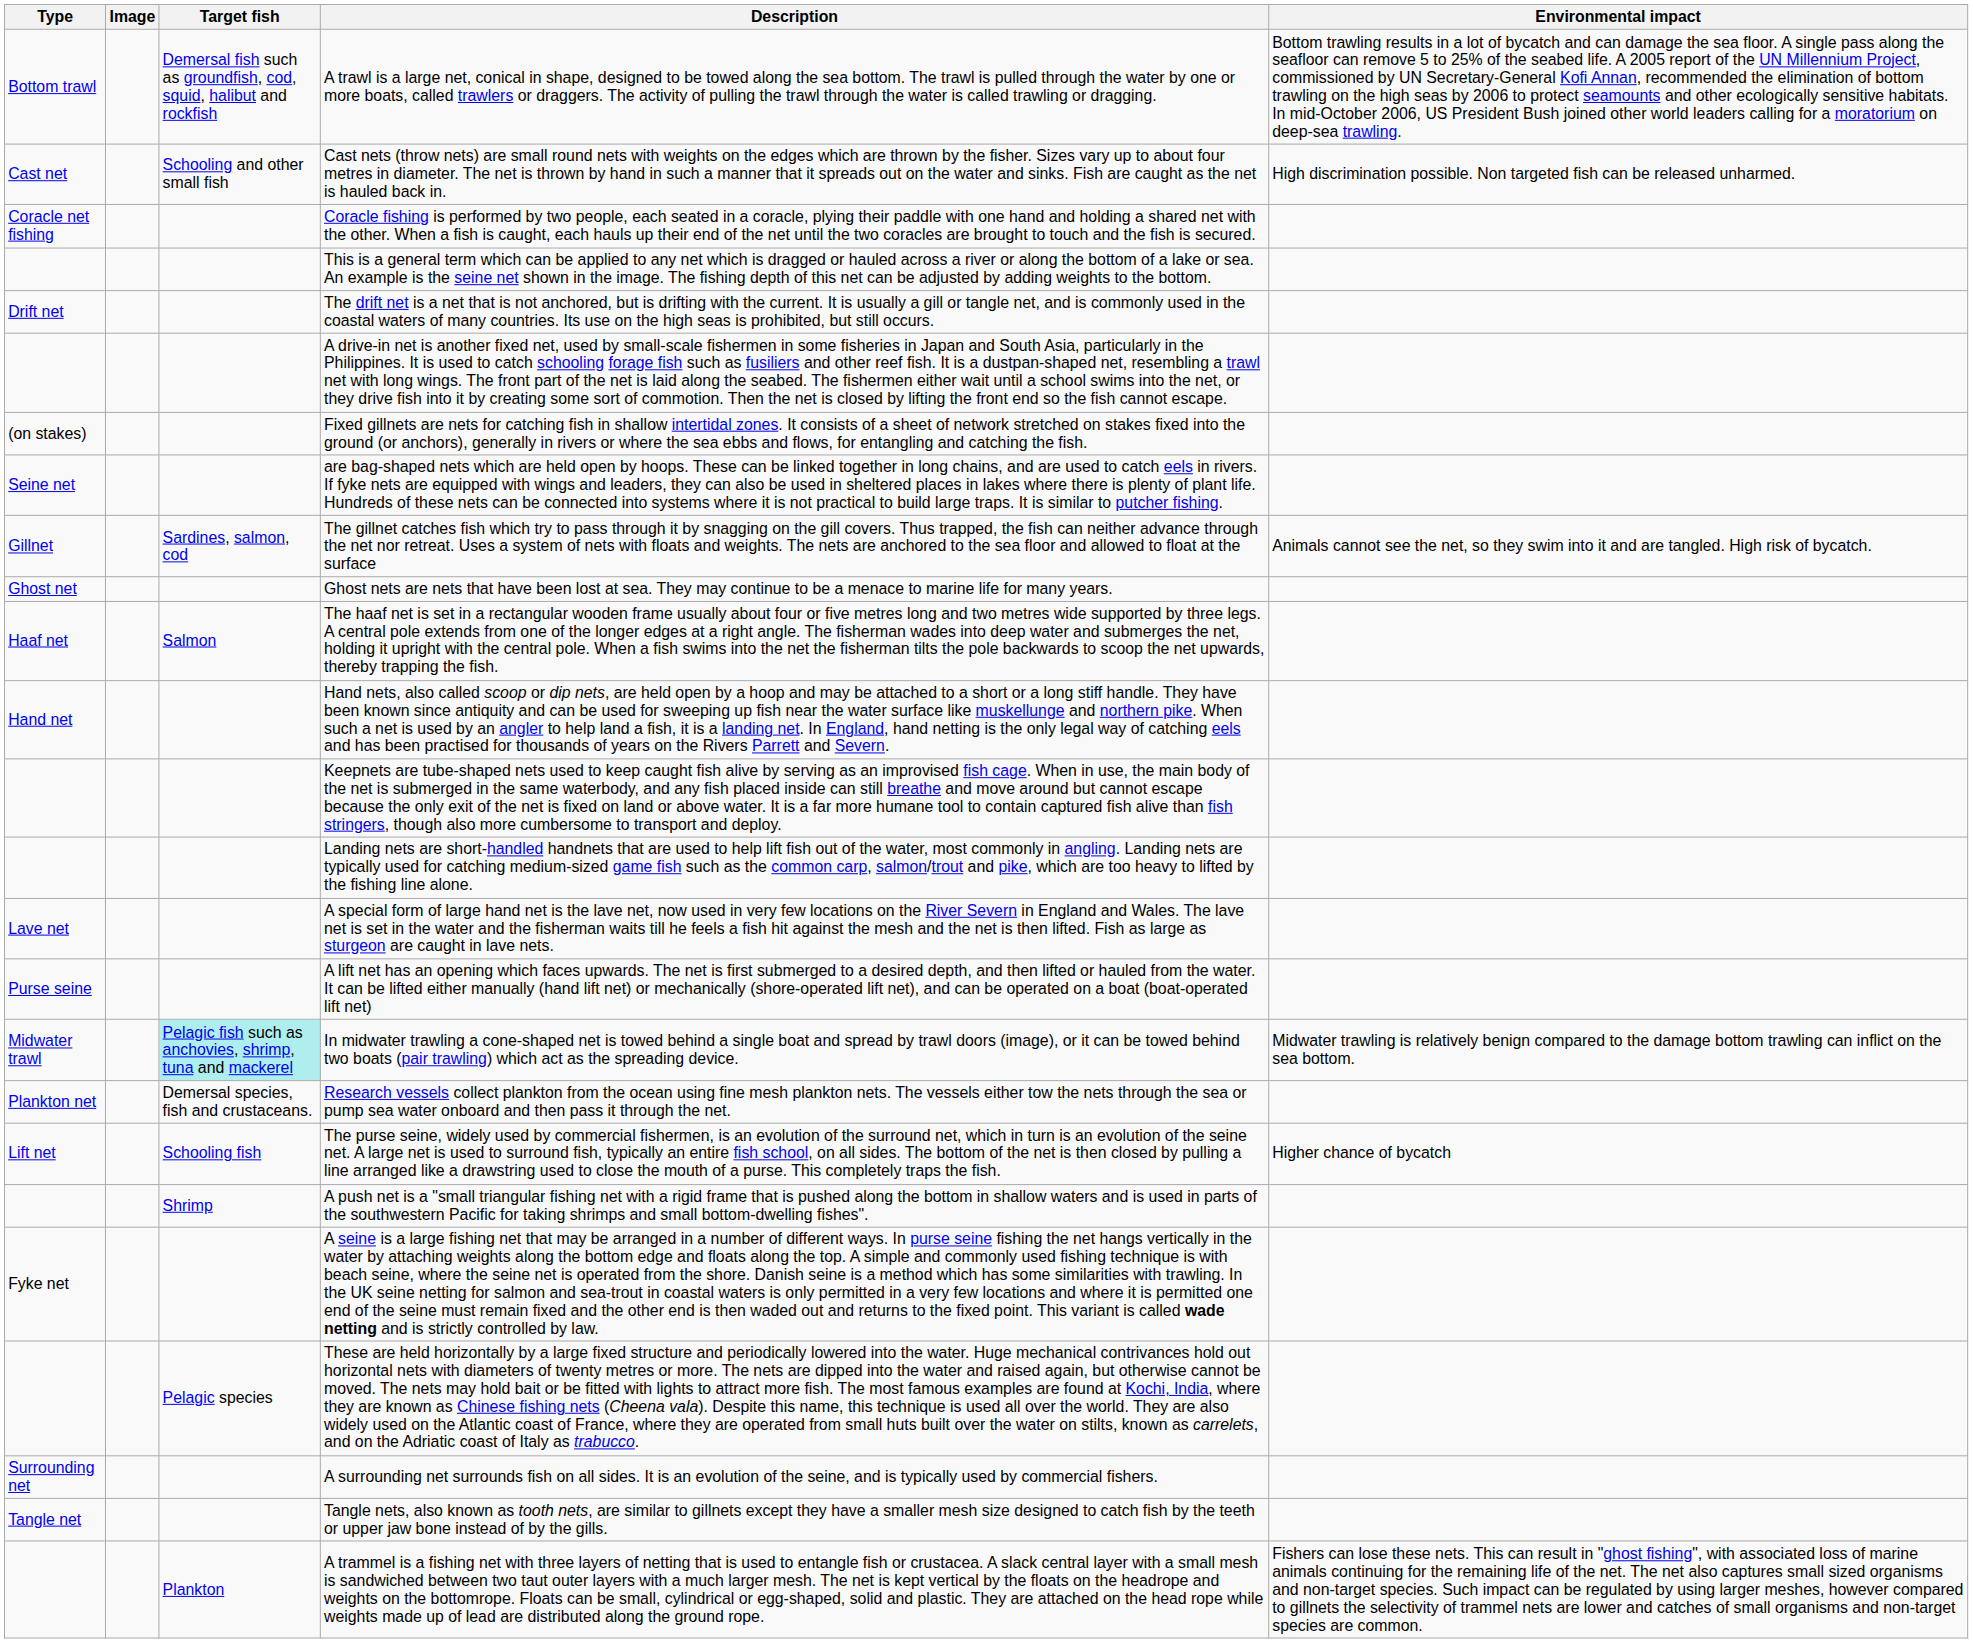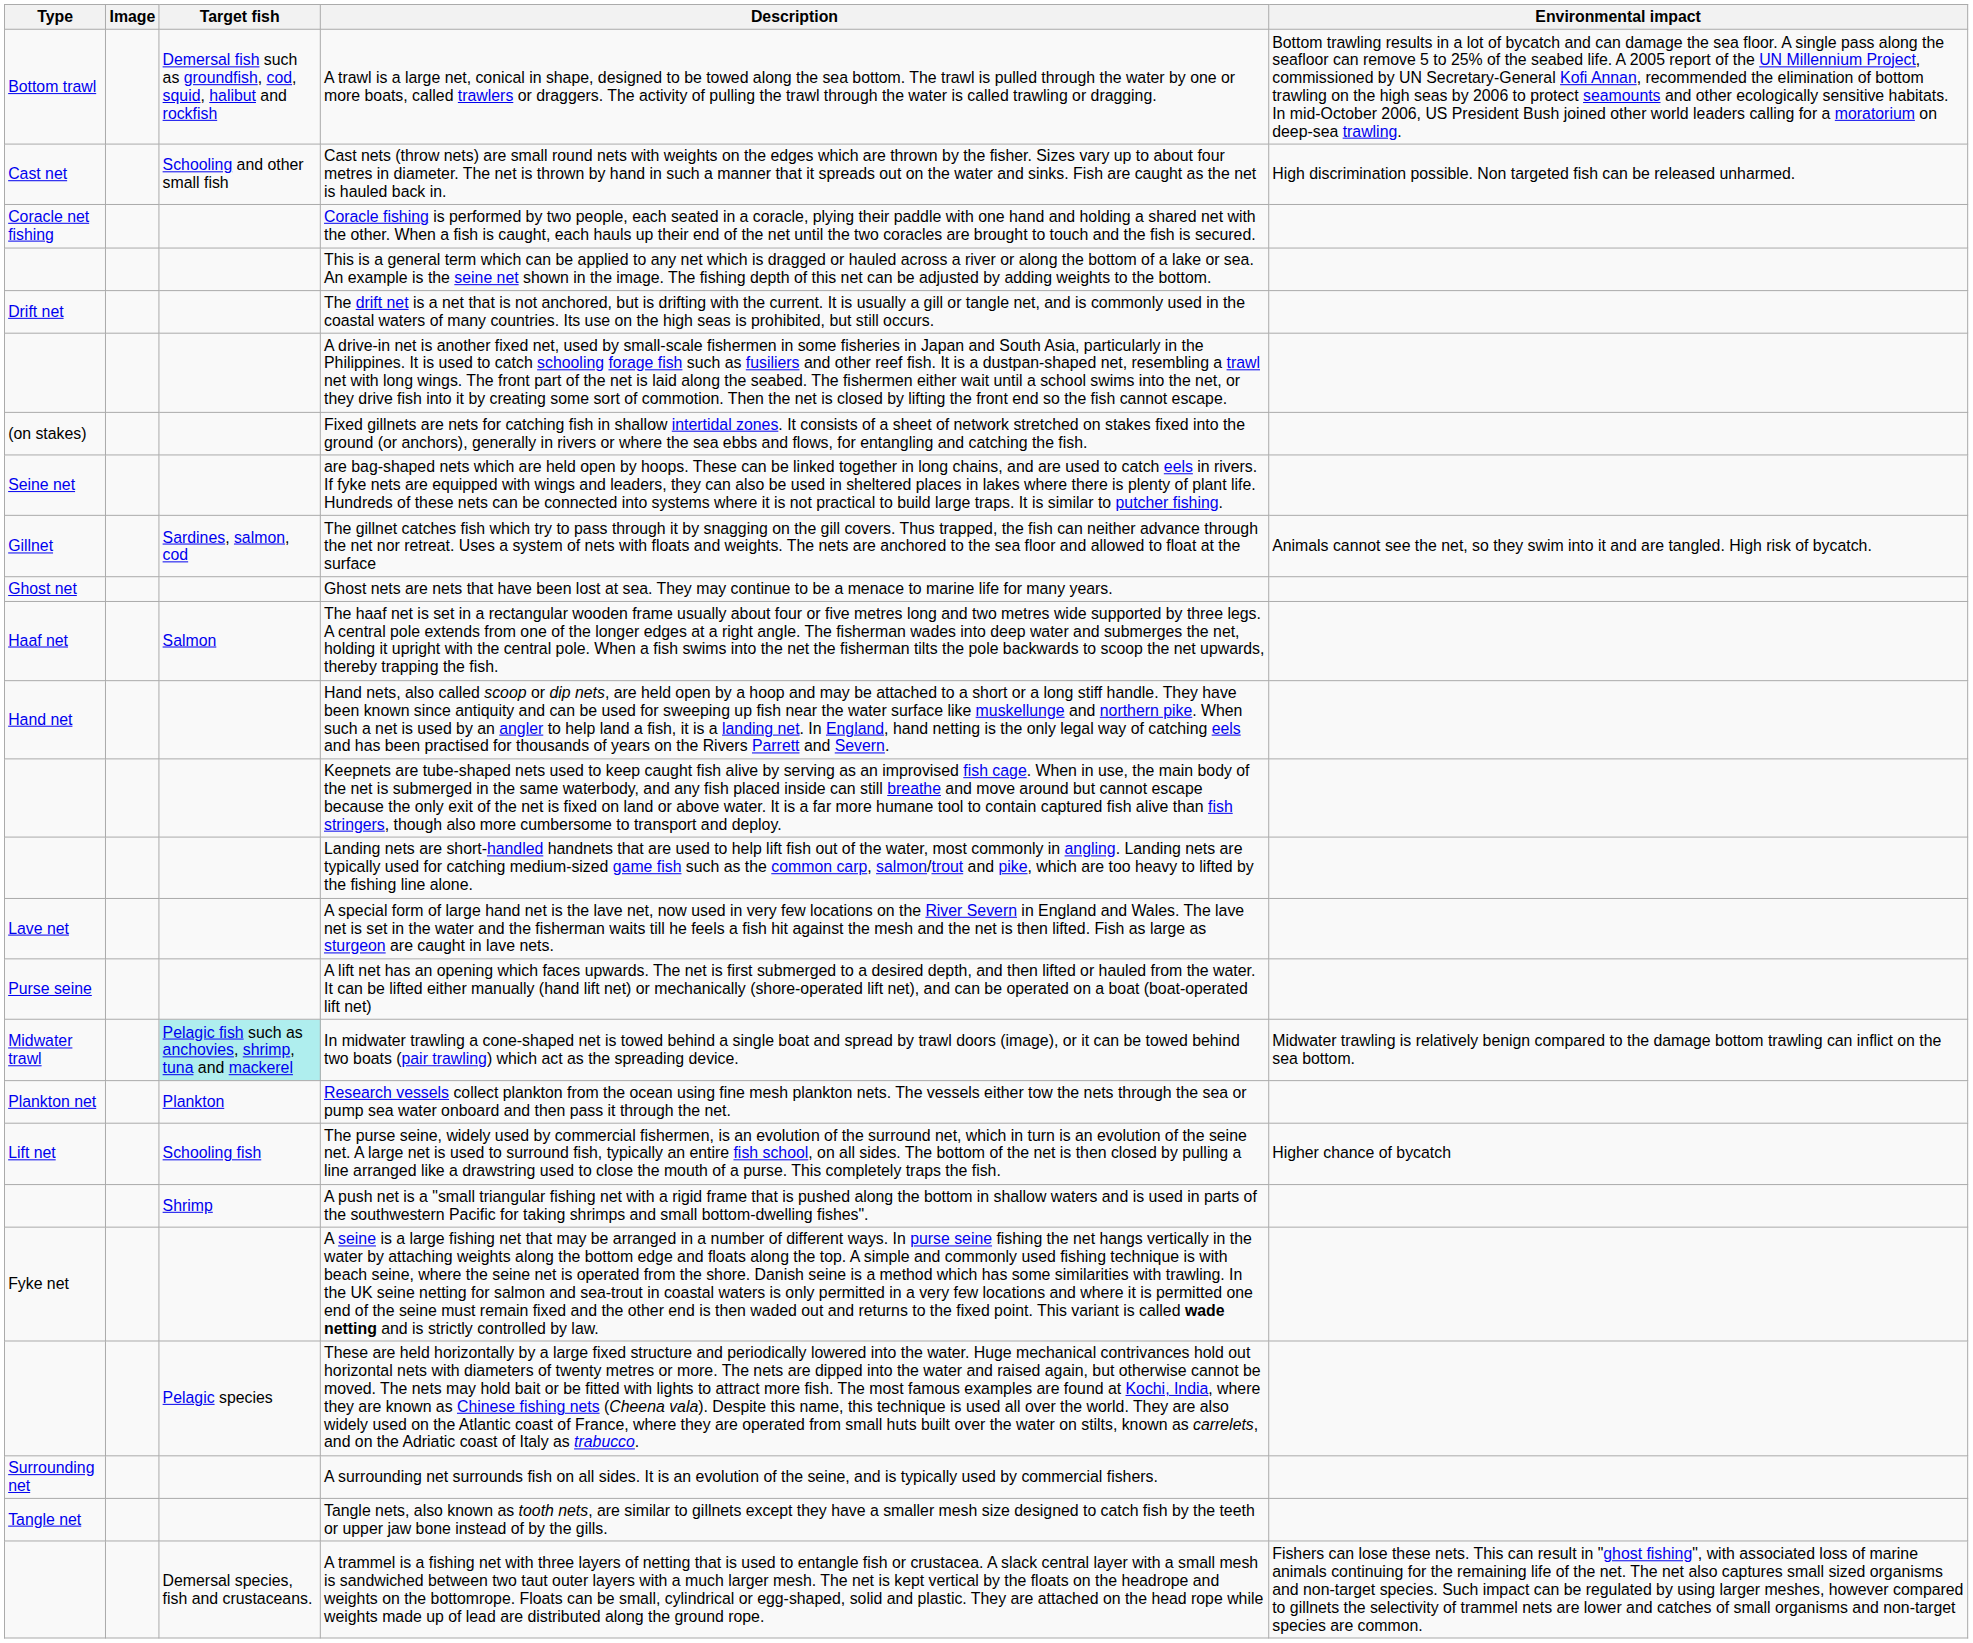 <table class="wikitable sortable" style="width:100%;">
 <tr>
 <th>Type</th>
 <th class="unsortable">Image</th>
 <th>Target fish</th>
 <th>Description</th>
 <th>Environmental impact</th>
 </tr>
 <tr>
 <td><a href='#'>Bottom trawl</a></td>
 <td></td>
 <td><a href='#'>Demersal fish</a> such as <a href='#'>groundfish</a>, <a href='#'>cod</a>, <a href='#'>squid</a>, <a href='#'>halibut</a> and <a href='#'>rockfish</a></td>
 <td>A trawl is a large net, conical in shape, designed to be towed along the sea bottom. The trawl is pulled through the water by one or more boats, called <a href='#'>trawlers</a> or draggers. The activity of pulling the trawl through the water is called trawling or dragging.</td>
 <td>Bottom trawling results in a lot of bycatch and can damage the sea floor. A single pass along the seafloor can remove 5 to 25% of the seabed life. A 2005 report of the <a href='#'>UN Millennium Project</a>, commissioned by UN Secretary-General <a href='#'>Kofi Annan</a>, recommended the elimination of bottom trawling on the high seas by 2006 to protect <a href='#'>seamounts</a> and other ecologically sensitive habitats. In mid-October 2006, US President Bush joined other world leaders calling for a <a href='#'>moratorium</a> on deep-sea <a href='#'>trawling</a>.</td>
 </tr>
 <tr>
 <td><a href='#'>Cast net</a></td>
 <td></td>
 <td><a href='#'>Schooling</a> and other small fish</td>
 <td>Cast nets (throw nets) are small round nets with weights on the edges which are thrown by the fisher. Sizes vary up to about four metres in diameter. The net is thrown by hand in such a manner that it spreads out on the water and sinks. Fish are caught as the net is hauled back in.</td>
 <td>High discrimination possible. Non targeted fish can be released unharmed.</td>
 </tr>
 <tr>
 <td><a href='#'>Coracle net fishing</a></td>
 <td></td>
 <td></td>
 <td><a href='#'>Coracle fishing</a> is performed by two people, each seated in a coracle, plying their paddle with one hand and holding a shared net with the other. When a fish is caught, each hauls up their end of the net until the two coracles are brought to touch and the fish is secured.</td>
 <td></td>
 </tr>
 <tr>
 <td></td>
 <td></td>
 <td></td>
 <td>This is a general term which can be applied to any net which is dragged or hauled across a river or along the bottom of a lake or sea. An example is the <a href='#'>seine net</a> shown in the image. The fishing depth of this net can be adjusted by adding weights to the bottom.</td>
 <td></td>
 </tr>
 <tr>
 <td><a href='#'>Drift net</a></td>
 <td></td>
 <td></td>
 <td>The <a href='#'>drift net</a> is a net that is not anchored, but is drifting with the current. It is usually a gill or tangle net, and is commonly used in the coastal waters of many countries. Its use on the high seas is prohibited, but still occurs.</td>
 <td></td>
 </tr>
 <tr>
 <td></td>
 <td></td>
 <td></td>
 <td>A drive-in net is another fixed net, used by small-scale fishermen in some fisheries in Japan and South Asia, particularly in the Philippines. It is used to catch <a href='#'>schooling</a> <a href='#'>forage fish</a> such as <a href='#'>fusiliers</a> and other reef fish. It is a dustpan-shaped net, resembling a <a href='#'>trawl</a> net with long wings. The front part of the net is laid along the seabed. The fishermen either wait until a school swims into the net, or they drive fish into it by creating some sort of commotion. Then the net is closed by lifting the front end so the fish cannot escape.</td>
 <td></td>
 </tr>
 <tr>
 <td> (on stakes)</td>
 <td></td>
 <td></td>
 <td>Fixed gillnets are nets for catching fish in shallow <a href='#'>intertidal zones</a>. It consists of a sheet of network stretched on stakes fixed into the ground (or anchors), generally in rivers or where the sea ebbs and flows, for entangling and catching the fish.</td>
 <td></td>
 </tr>
 <tr>
 <td><a href='#'>Seine net</a></td>
 <td></td>
 <td></td>
 <td> are bag-shaped nets which are held open by hoops. These can be linked together in long chains, and are used to catch <a href='#'>eels</a> in rivers. If fyke nets are equipped with wings and leaders, they can also be used in sheltered places in lakes where there is plenty of plant life. Hundreds of these nets can be connected into systems where it is not practical to build large traps. It is similar to <a href='#'>putcher fishing</a>.</td>
 <td></td>
 </tr>
 <tr>
 <td><a href='#'>Gillnet</a></td>
 <td></td>
 <td><a href='#'>Sardines</a>, <a href='#'>salmon</a>, <a href='#'>cod</a></td>
 <td>The gillnet catches fish which try to pass through it by snagging on the gill covers. Thus trapped, the fish can neither advance through the net nor retreat. Uses a system of nets with floats and weights. The nets are anchored to the sea floor and allowed to float at the surface</td>
 <td>Animals cannot see the net, so they swim into it and are tangled. High risk of bycatch.</td>
 </tr>
 <tr>
 <td><a href='#'>Ghost net</a></td>
 <td></td>
 <td></td>
 <td>Ghost nets are nets that have been lost at sea. They may continue to be a menace to marine life for many years.</td>
 <td></td>
 </tr>
 <tr>
 <td><a href='#'>Haaf net</a></td>
 <td></td>
 <td><a href='#'>Salmon</a></td>
 <td>The haaf net is set in a rectangular wooden frame usually about four or five metres long and two metres wide supported by three legs. A central pole extends from one of the longer edges at a right angle. The fisherman wades into deep water and submerges the net, holding it upright with the central pole. When a fish swims into the net the fisherman tilts the pole backwards to scoop the net upwards, thereby trapping the fish.</td>
 <td></td>
 </tr>
 <tr>
 <td><a href='#'>Hand net</a></td>
 <td></td>
 <td></td>
 <td>Hand nets, also called <em>scoop</em> or <em>dip nets</em>, are held open by a hoop and may be attached to a short or a long stiff handle. They have been known since antiquity and can be used for sweeping up fish near the water surface like <a href='#'>muskellunge</a> and <a href='#'>northern pike</a>. When such a net is used by an <a href='#'>angler</a> to help land a fish, it is a <a href='#'>landing net</a>. In <a href='#'>England</a>, hand netting is the only legal way of catching <a href='#'>eels</a> and has been practised for thousands of years on the Rivers <a href='#'>Parrett</a> and <a href='#'>Severn</a>.</td>
 <td></td>
 </tr>
 <tr>
 <td></td>
 <td></td>
 <td></td>
 <td>Keepnets are tube-shaped nets used to keep caught fish alive by serving as an improvised <a href='#'>fish cage</a>. When in use, the main body of the net is submerged in the same waterbody, and any fish placed inside can still <a href='#'>breathe</a> and move around but cannot escape because the only exit of the net is fixed on land or above water. It is a far more humane tool to contain captured fish alive than <a href='#'>fish stringers</a>, though also more cumbersome to transport and deploy.</td>
 <td></td>
 </tr>
 <tr>
 <td></td>
 <td></td>
 <td></td>
 <td>Landing nets are short-<a href='#'>handled</a> handnets that are used to help lift fish out of the water, most commonly in <a href='#'>angling</a>. Landing nets are typically used for catching medium-sized <a href='#'>game fish</a> such as the <a href='#'>common carp</a>, <a href='#'>salmon</a>/<a href='#'>trout</a> and <a href='#'>pike</a>, which are too heavy to lifted by the fishing line alone.</td>
 <td></td>
 </tr>
 <tr>
 <td><a href='#'>Lave net</a></td>
 <td></td>
 <td></td>
 <td>A special form of large hand net is the lave net, now used in very few locations on the <a href='#'>River Severn</a> in England and Wales. The lave net is set in the water and the fisherman waits till he feels a fish hit against the mesh and the net is then lifted. Fish as large as <a href='#'>sturgeon</a> are caught in lave nets.</td>
 <td></td>
 </tr>
 <tr>
 <td><a href='#'>Purse seine</a></td>
 <td></td>
 <td></td>
 <td>A lift net has an opening which faces upwards. The net is first submerged to a desired depth, and then lifted or hauled from the water. It can be lifted either manually (hand lift net) or mechanically (shore-operated lift net), and can be operated on a boat (boat-operated lift net)</td>
 <td></td>
 </tr>
 <tr>
 <td><a href='#'>Midwater trawl</a></td>
 <td></td>
 <td style="background: paleturquoise;"><a href='#'>Pelagic fish</a> such as <a href='#'>anchovies</a>, <a href='#'>shrimp</a>, <a href='#'>tuna</a> and <a href='#'>mackerel</a></td>
 <td>In midwater trawling a cone-shaped net is towed behind a single boat and spread by trawl doors (image), or it can be towed behind two boats (<a href='#'>pair trawling</a>) which act as the spreading device.</td>
 <td>Midwater trawling is relatively benign compared to the damage bottom trawling can inflict on the sea bottom.</td>
 </tr>
 <tr>
 <td><a href='#'>Plankton net</a></td>
 <td></td>
-<td>Demersal species, fish and crustaceans.</td>
+<td><a href='#'>Plankton</a></td>
 <td><a href='#'>Research vessels</a> collect plankton from the ocean using fine mesh plankton nets. The vessels either tow the nets through the sea or pump sea water onboard and then pass it through the net.</td>
 </tr>
 <tr>
 <td><a href='#'>Lift net</a></td>
 <td></td>
 <td><a href='#'>Schooling fish</a></td>
 <td>The purse seine, widely used by commercial fishermen, is an evolution of the surround net, which in turn is an evolution of the seine net. A large net is used to surround fish, typically an entire <a href='#'>fish school</a>, on all sides. The bottom of the net is then closed by pulling a line arranged like a drawstring used to close the mouth of a purse. This completely traps the fish.</td>
 <td>Higher chance of bycatch</td>
 </tr>
 <tr>
 <td></td>
 <td></td>
 <td><a href='#'>Shrimp</a></td>
 <td>A push net is a "small triangular fishing net with a rigid frame that is pushed along the bottom in shallow waters and is used in parts of the southwestern Pacific for taking shrimps and small bottom-dwelling fishes".</td>
 <td></td>
 </tr>
 <tr>
 <td>Fyke net </td>
 <td></td>
 <td></td>
 <td>A <a href='#'>seine</a> is a large fishing net that may be arranged in a number of different ways. In <a href='#'>purse seine</a> fishing the net hangs vertically in the water by attaching weights along the bottom edge and floats along the top. A simple and commonly used fishing technique is with beach seine, where the seine net is operated from the shore. Danish seine is a method which has some similarities with trawling. In the UK seine netting for salmon and sea-trout in coastal waters is only permitted in a very few locations and where it is permitted one end of the seine must remain fixed and the other end is then waded out and returns to the fixed point. This variant is called <strong>wade netting</strong> and is strictly controlled by law.</td>
 <td></td>
 </tr>
 <tr>
 <td></td>
 <td></td>
 <td><a href='#'>Pelagic</a> species</td>
 <td>These are held horizontally by a large fixed structure and periodically lowered into the water. Huge mechanical contrivances hold out horizontal nets with diameters of twenty metres or more. The nets are dipped into the water and raised again, but otherwise cannot be moved. The nets may hold bait or be fitted with lights to attract more fish. The most famous examples are found at <a href='#'>Kochi, India</a>, where they are known as <a href='#'>Chinese fishing nets</a> (<em>Cheena vala</em>). Despite this name, this technique is used all over the world. They are also widely used on the Atlantic coast of France, where they are operated from small huts built over the water on stilts, known as <em>carrelets</em>, and on the Adriatic coast of Italy as <em><a href='#'>trabucco</a></em>.</td>
 <td></td>
 </tr>
 <tr>
 <td><a href='#'>Surrounding net</a></td>
 <td></td>
 <td></td>
 <td>A surrounding net surrounds fish on all sides. It is an evolution of the seine, and is typically used by commercial fishers.</td>
 <td></td>
 </tr>
 <tr>
 <td><a href='#'>Tangle net</a></td>
 <td></td>
 <td></td>
 <td>Tangle nets, also known as <em>tooth nets</em>, are similar to gillnets except they have a smaller mesh size designed to catch fish by the teeth or upper jaw bone instead of by the gills.</td>
 <td></td>
 </tr>
 <tr>
 <td></td>
 <td></td>
-<td><a href='#'>Plankton</a></td>
+<td>Demersal species, fish and crustaceans.</td>
 <td>A trammel is a fishing net with three layers of netting that is used to entangle fish or crustacea. A slack central layer with a small mesh is sandwiched between two taut outer layers with a much larger mesh. The net is kept vertical by the floats on the headrope and weights on the bottomrope. Floats can be small, cylindrical or egg-shaped, solid and plastic. They are attached on the head rope while weights made up of lead are distributed along the ground rope.</td>
 <td>Fishers can lose these nets. This can result in "<a href='#'>ghost fishing</a>", with associated loss of marine animals continuing for the remaining life of the net. The net also captures small sized organisms and non-target species. Such impact can be regulated by using larger meshes, however compared to gillnets the selectivity of trammel nets are lower and catches of small organisms and non-target species are common.</td>
 </tr>
 </table>
